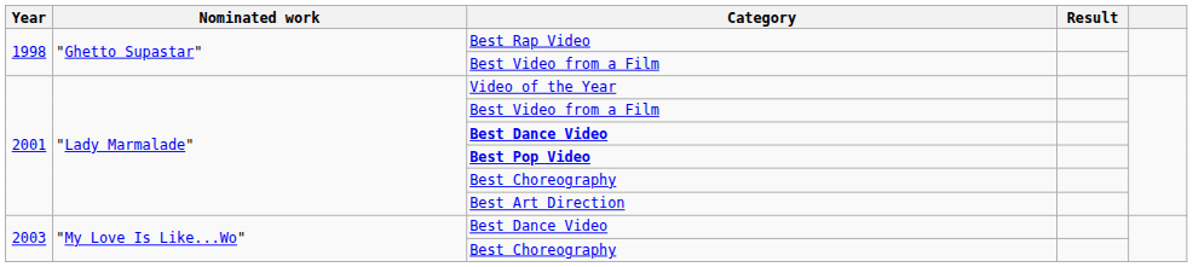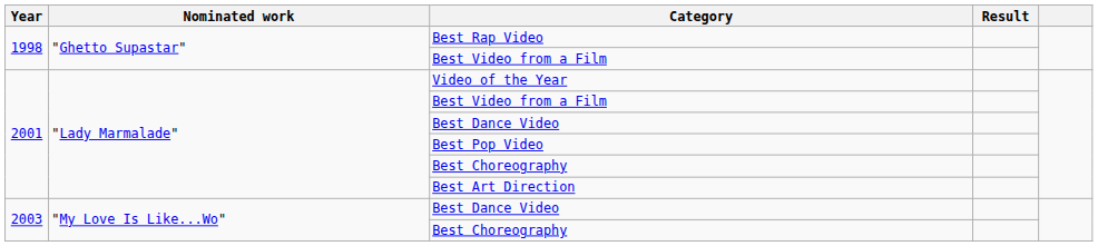 <table class="wikitable plainrowheaders" style="width:85%;">
 <tr>
 <th scope="col" style="width:4%;">Year</th>
 <th scope="col" style="width:35%;">Nominated work</th>
 <th scope="col" style="width:50%;">Category</th>
 <th scope="col" style="width:6%;">Result</th>
 <th scope="col" style="width:6%;"></th>
 </tr>
 <tr>
 <td rowspan="2" align="center"><a href='#'>1998</a></td>
 <td rowspan="2">"<a href='#'>Ghetto Supastar</a>"</td>
 <td><a href='#'>Best Rap Video</a></td>
 <td></td>
 <td rowspan="2"></td>
 </tr>
 <tr>
 <td><a href='#'>Best Video from a Film</a></td>
 <td></td>
 </tr>
 <tr>
 <td rowspan="6" align="center"><a href='#'>2001</a></td>
 <td rowspan="6">"<a href='#'>Lady Marmalade</a>"</td>
 <td><a href='#'>Video of the Year</a></td>
 <td></td>
 <td rowspan="6"></td>
 </tr>
 <tr>
 <td><a href='#'>Best Video from a Film</a></td>
 <td></td>
 </tr>
 <tr>
-<td><strong><a href='#'>Best Dance Video</a></strong></td>
+<td><a href='#'>Best Dance Video</a></td>
 <td></td>
 </tr>
 <tr>
-<td><strong><a href='#'>Best Pop Video</a></strong></td>
+<td><a href='#'>Best Pop Video</a></td>
 <td></td>
 </tr>
 <tr>
 <td><a href='#'>Best Choreography</a></td>
 <td></td>
 </tr>
 <tr>
 <td><a href='#'>Best Art Direction</a></td>
 <td></td>
 </tr>
 <tr>
 <td rowspan="2" align="center"><a href='#'>2003</a></td>
 <td rowspan="2">"<a href='#'>My Love Is Like...Wo</a>"</td>
 <td><a href='#'>Best Dance Video</a></td>
 <td></td>
 <td rowspan="2"></td>
 </tr>
 <tr>
 <td><a href='#'>Best Choreography</a></td>
 <td></td>
 </tr>
 </table>
